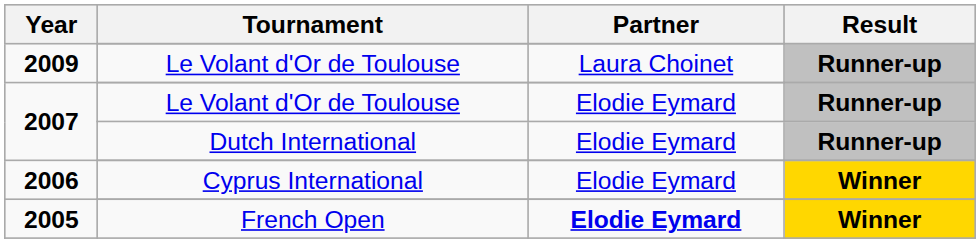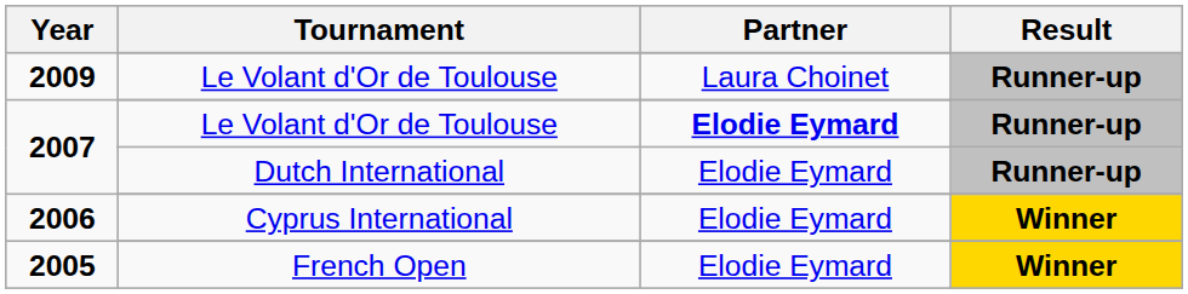 <table class="wikitable"  style="width:600px; font-size:95%; text-align:center;">
 <tr>
 <th align="left">Year</th>
 <th align="left">Tournament</th>
 <th align="left">Partner</th>
 <th align="left">Result</th>
 </tr>
 <tr>
 <td rowspan="2"><strong>2009</strong></td>
 </tr>
 <tr>
 <td><a href='#'>Le Volant d'Or de Toulouse</a></td>
 <td><a href='#'>Laura Choinet</a></td>
 <td style="background: silver"><strong>Runner-up</strong></td>
 </tr>
 <tr>
 <td rowspan="3"><strong>2007</strong></td>
 </tr>
 <tr>
 <td><a href='#'>Le Volant d'Or de Toulouse</a></td>
-<td><a href='#'>Elodie Eymard</a></td>
+<td><strong><a href='#'>Elodie Eymard</a></strong></td>
 <td style="background: silver"><strong>Runner-up</strong></td>
 </tr>
 <tr>
 <td><a href='#'>Dutch International</a></td>
 <td><a href='#'>Elodie Eymard</a></td>
 <td style="background: silver"><strong>Runner-up</strong></td>
 </tr>
 <tr>
 <td rowspan="2"><strong>2006</strong></td>
 </tr>
 <tr>
 <td><a href='#'>Cyprus International</a></td>
 <td><a href='#'>Elodie Eymard</a></td>
 <td style="background: gold"><strong>Winner</strong></td>
 </tr>
 <tr>
 <td rowspan="2"><strong>2005</strong></td>
 </tr>
 <tr>
 <td><a href='#'>French Open</a></td>
-<td><strong><a href='#'>Elodie Eymard</a></strong></td>
+<td><a href='#'>Elodie Eymard</a></td>
 <td style="background: gold"><strong>Winner</strong></td>
 </tr>
 </table>
